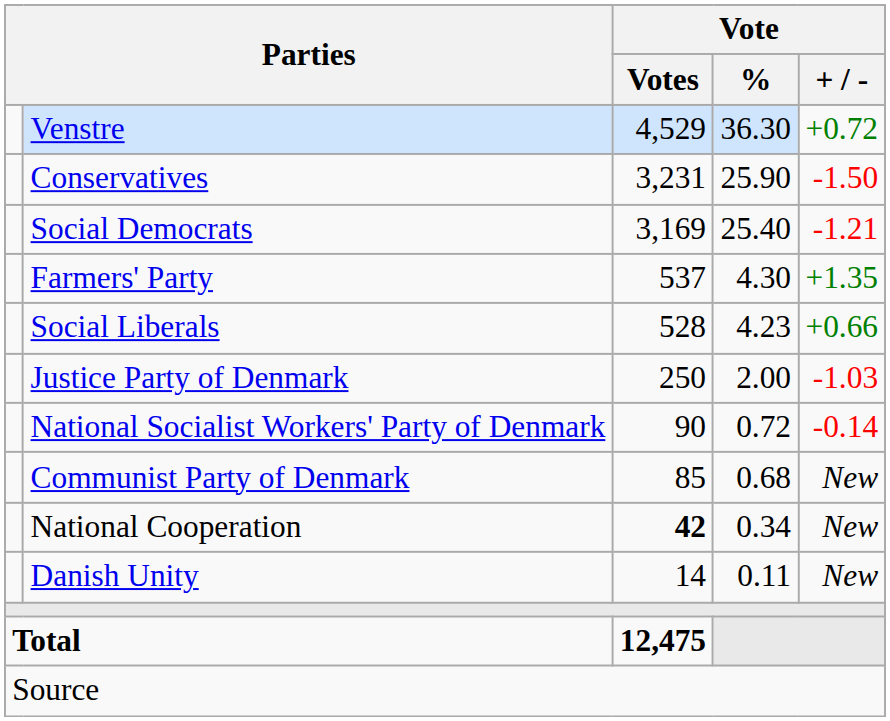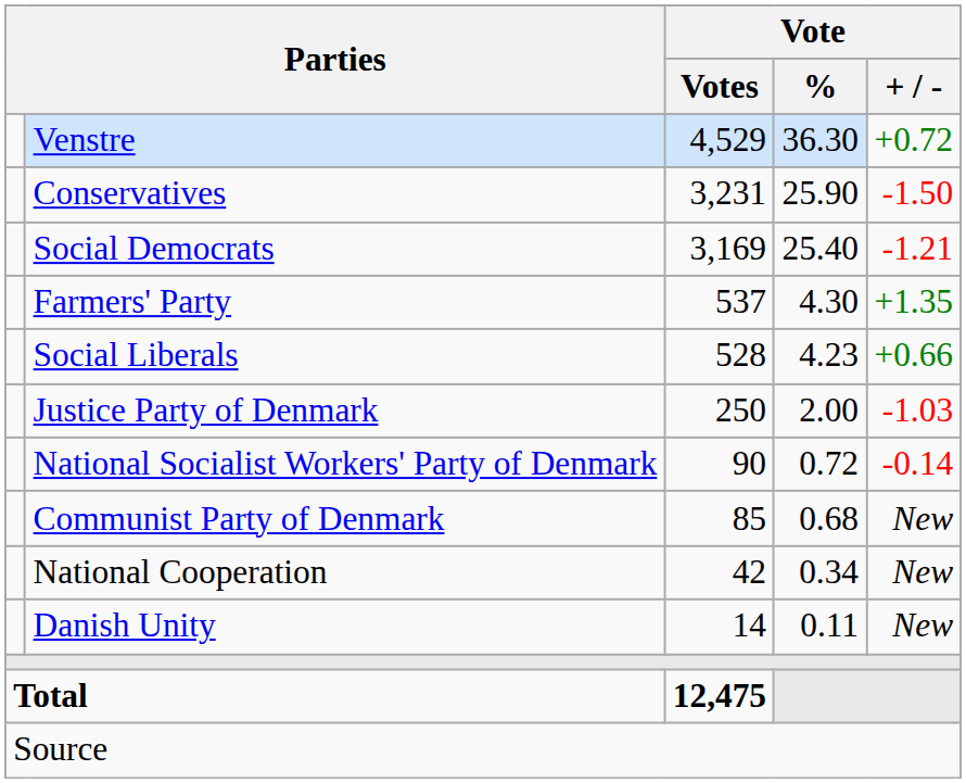 <table class="wikitable" style="text-align:right;">
 <tr>
 <th style="text-align:centre;" rowspan="2" colspan="2" width="225">Parties</th>
 <th colspan="3">Vote</th>
 </tr>
 <tr>
 <th width="15">Votes</th>
 <th width="15">%</th>
 <th width="15">+ / -</th>
 </tr>
 <tr>
 <td width="2" style="color:inherit;background:"></td>
 <td bgcolor=#cfe5fe  align="left"><a href='#'>Venstre</a></td>
 <td bgcolor=#cfe5fe>4,529</td>
 <td bgcolor=#cfe5fe>36.30</td>
 <td style=color:green;>+0.72</td>
 </tr>
 <tr>
 <td width="2" style="color:inherit;background:"></td>
 <td align="left"><a href='#'>Conservatives</a></td>
 <td>3,231</td>
 <td>25.90</td>
 <td style=color:red;>-1.50</td>
 </tr>
 <tr>
 <td width="2" style="color:inherit;background:"></td>
 <td align="left"><a href='#'>Social Democrats</a></td>
 <td>3,169</td>
 <td>25.40</td>
 <td style=color:red;>-1.21</td>
 </tr>
 <tr>
 <td width="2" style="color:inherit;background:"></td>
 <td align="left"><a href='#'>Farmers' Party</a></td>
 <td>537</td>
 <td>4.30</td>
 <td style=color:green;>+1.35</td>
 </tr>
 <tr>
 <td width="2" style="color:inherit;background:"></td>
 <td align="left"><a href='#'>Social Liberals</a></td>
 <td>528</td>
 <td>4.23</td>
 <td style=color:green;>+0.66</td>
 </tr>
 <tr>
 <td width="2" style="color:inherit;background:"></td>
 <td align="left"><a href='#'>Justice Party of Denmark</a></td>
 <td>250</td>
 <td>2.00</td>
 <td style=color:red;>-1.03</td>
 </tr>
 <tr>
 <td width="2" style="color:inherit;background:"></td>
 <td align="left"><a href='#'>National Socialist Workers' Party of Denmark</a></td>
 <td>90</td>
 <td>0.72</td>
 <td style=color:red;>-0.14</td>
 </tr>
 <tr>
 <td width="2" style="color:inherit;background:"></td>
 <td align="left"><a href='#'>Communist Party of Denmark</a></td>
 <td>85</td>
 <td>0.68</td>
 <td><em>New</em></td>
 </tr>
 <tr>
 <td width="2" style="color:inherit;background:"></td>
 <td align="left">National Cooperation</td>
-<td><strong>42</strong></td>
+<td>42</td>
 <td>0.34</td>
 <td><em>New</em></td>
 </tr>
 <tr>
 <td width="2" style="color:inherit;background:"></td>
 <td align="left"><a href='#'>Danish Unity</a></td>
 <td>14</td>
 <td>0.11</td>
 <td><em>New</em></td>
 </tr>
 <tr>
 <td colspan="7" bgcolor="#E9E9E9"></td>
 </tr>
 <tr>
 <td align="left" colspan="2"><strong>Total</strong></td>
 <td><strong>12,475</strong></td>
 <td bgcolor="#E9E9E9" colspan="2"></td>
 </tr>
 <tr>
 <td align="left" colspan="6">Source</td>
 </tr>
 </table>
